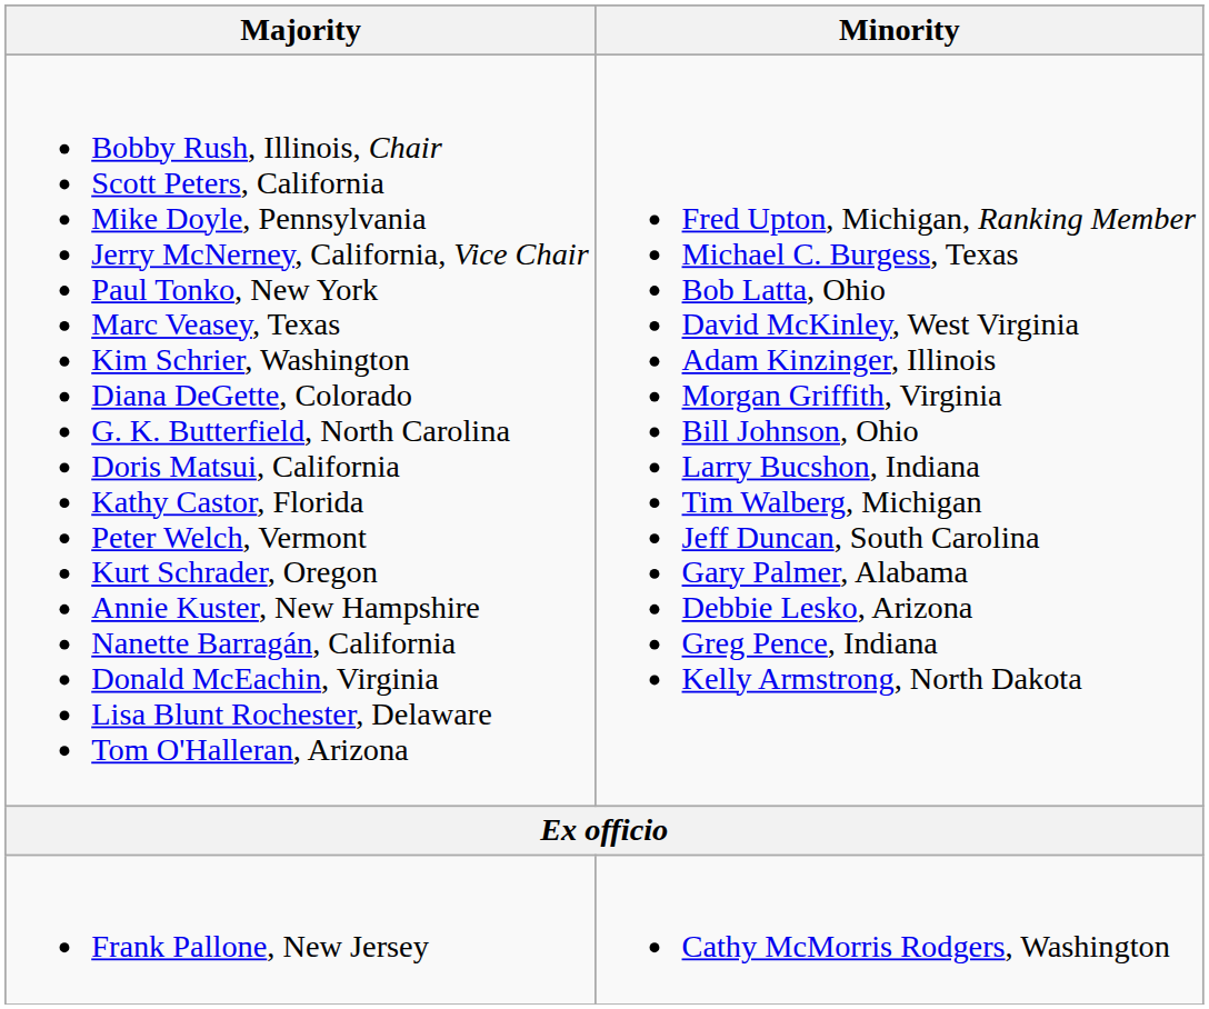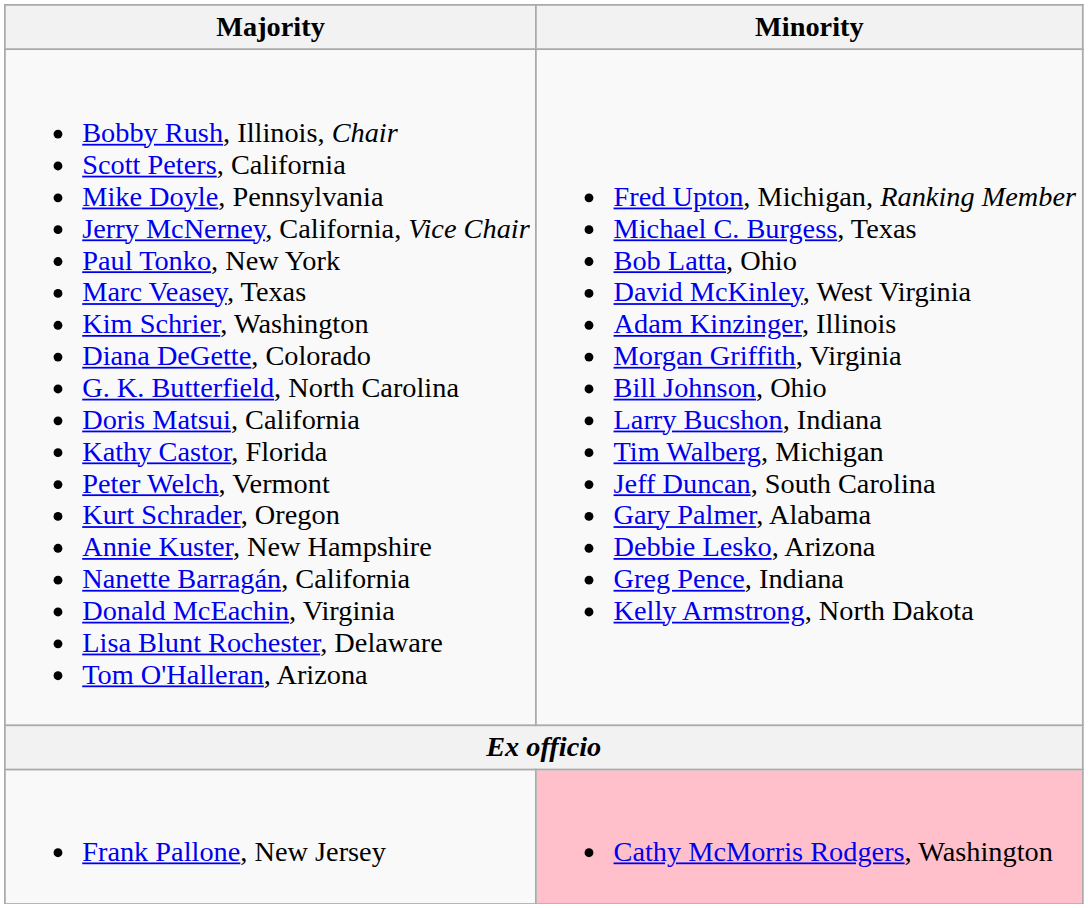 <table class=wikitable>
 <tr>
 <th>Majority</th>
 <th>Minority</th>
 </tr>
 <tr>
 <td><br><ul><li><a href='#'>Bobby Rush</a>, Illinois, <em>Chair</em></li><li><a href='#'>Scott Peters</a>, California</li><li><a href='#'>Mike Doyle</a>, Pennsylvania</li><li><a href='#'>Jerry McNerney</a>, California, <em>Vice Chair</em></li><li><a href='#'>Paul Tonko</a>, New York</li><li><a href='#'>Marc Veasey</a>, Texas</li><li><a href='#'>Kim Schrier</a>, Washington</li><li><a href='#'>Diana DeGette</a>, Colorado</li><li><a href='#'>G. K. Butterfield</a>, North Carolina</li><li><a href='#'>Doris Matsui</a>, California</li><li><a href='#'>Kathy Castor</a>, Florida</li><li><a href='#'>Peter Welch</a>, Vermont</li><li><a href='#'>Kurt Schrader</a>, Oregon</li><li><a href='#'>Annie Kuster</a>, New Hampshire</li><li><a href='#'>Nanette Barragán</a>, California</li><li><a href='#'>Donald McEachin</a>, Virginia</li><li><a href='#'>Lisa Blunt Rochester</a>, Delaware</li><li><a href='#'>Tom O'Halleran</a>, Arizona</li></ul></td>
 <td><br><ul><li><a href='#'>Fred Upton</a>, Michigan, <em>Ranking Member</em></li><li><a href='#'>Michael C. Burgess</a>, Texas</li><li><a href='#'>Bob Latta</a>, Ohio</li><li><a href='#'>David McKinley</a>, West Virginia</li><li><a href='#'>Adam Kinzinger</a>, Illinois</li><li><a href='#'>Morgan Griffith</a>, Virginia</li><li><a href='#'>Bill Johnson</a>, Ohio</li><li><a href='#'>Larry Bucshon</a>, Indiana</li><li><a href='#'>Tim Walberg</a>, Michigan</li><li><a href='#'>Jeff Duncan</a>, South Carolina</li><li><a href='#'>Gary Palmer</a>, Alabama</li><li><a href='#'>Debbie Lesko</a>, Arizona</li><li><a href='#'>Greg Pence</a>, Indiana</li><li><a href='#'>Kelly Armstrong</a>, North Dakota</li></ul></td>
 </tr>
 <tr>
 <th colspan=2><em>Ex officio</em></th>
 </tr>
 <tr>
 <td><br><ul><li><a href='#'>Frank Pallone</a>, New Jersey</li></ul></td>
-<td><br><ul><li><a href='#'>Cathy McMorris Rodgers</a>, Washington</li></ul></td>
+<td style="background: pink;"><br><ul><li><a href='#'>Cathy McMorris Rodgers</a>, Washington</li></ul></td>
 </tr>
 </table>
